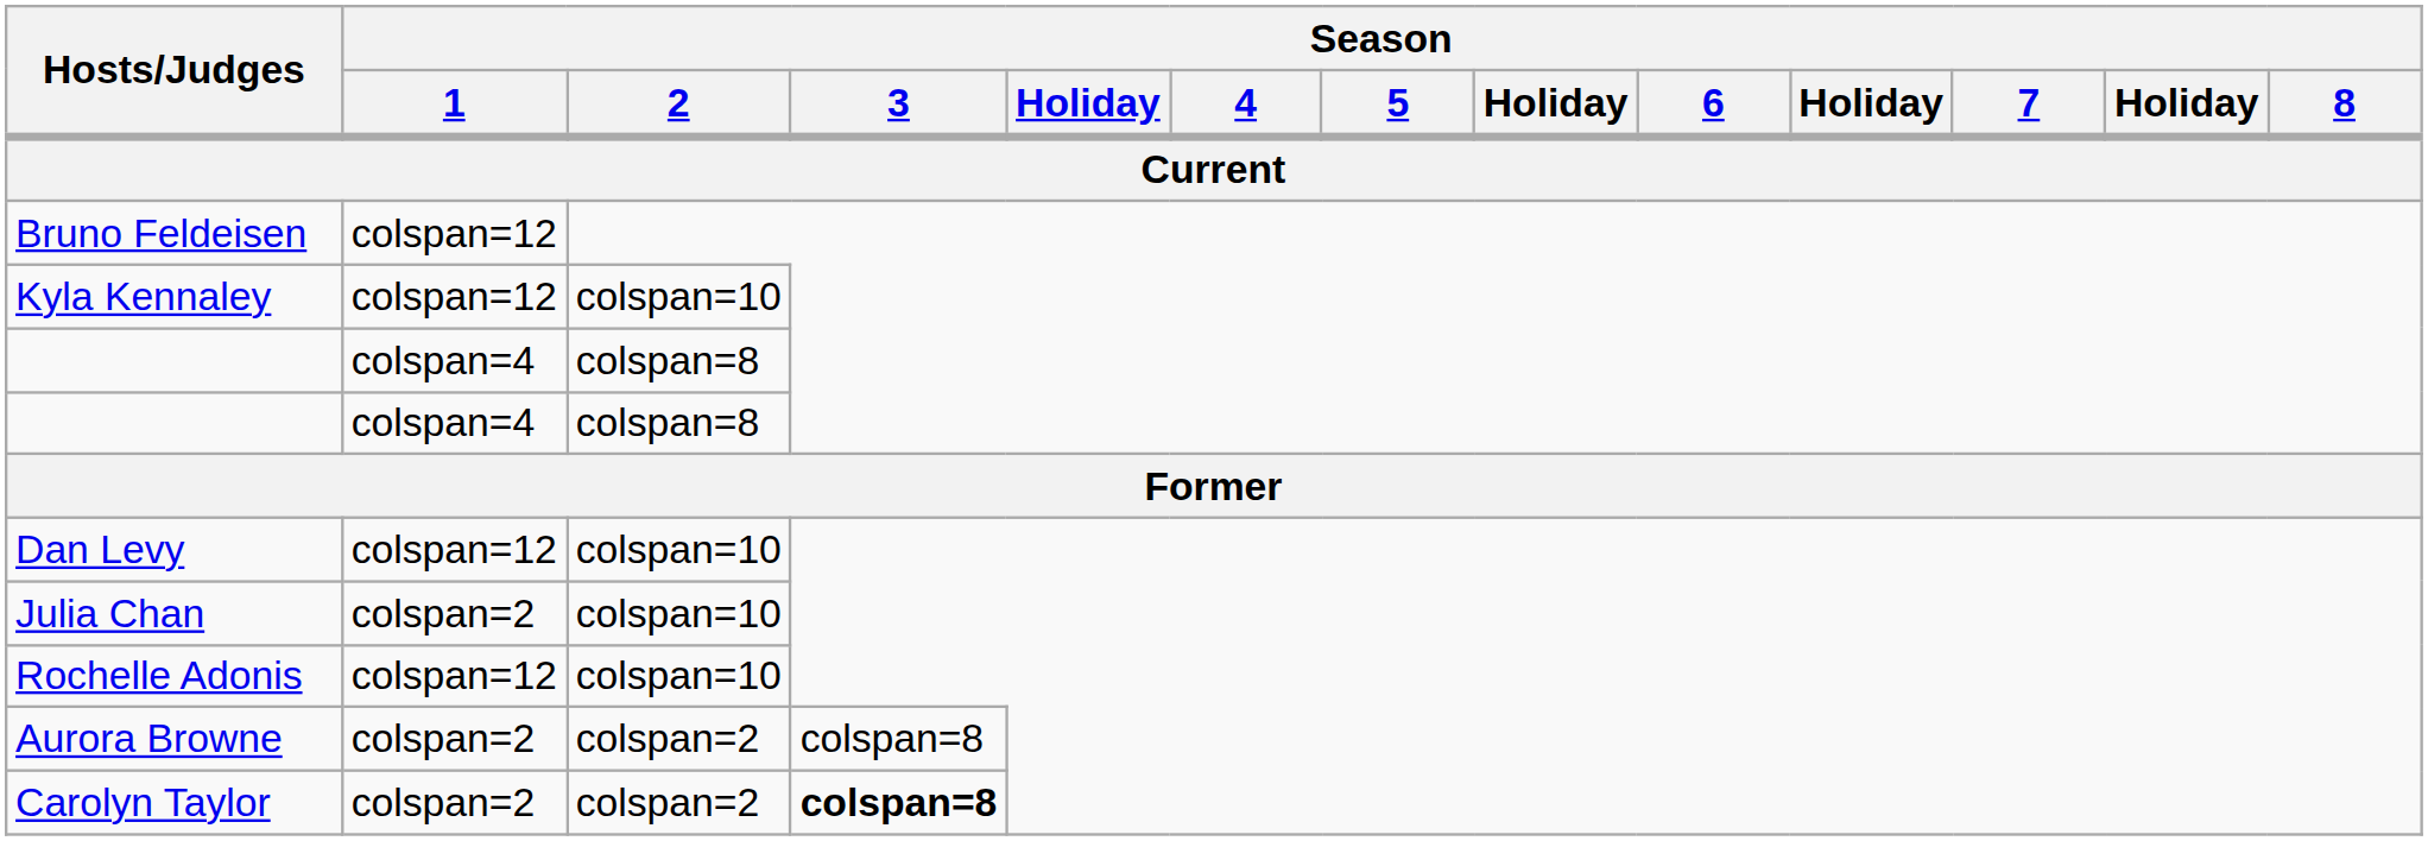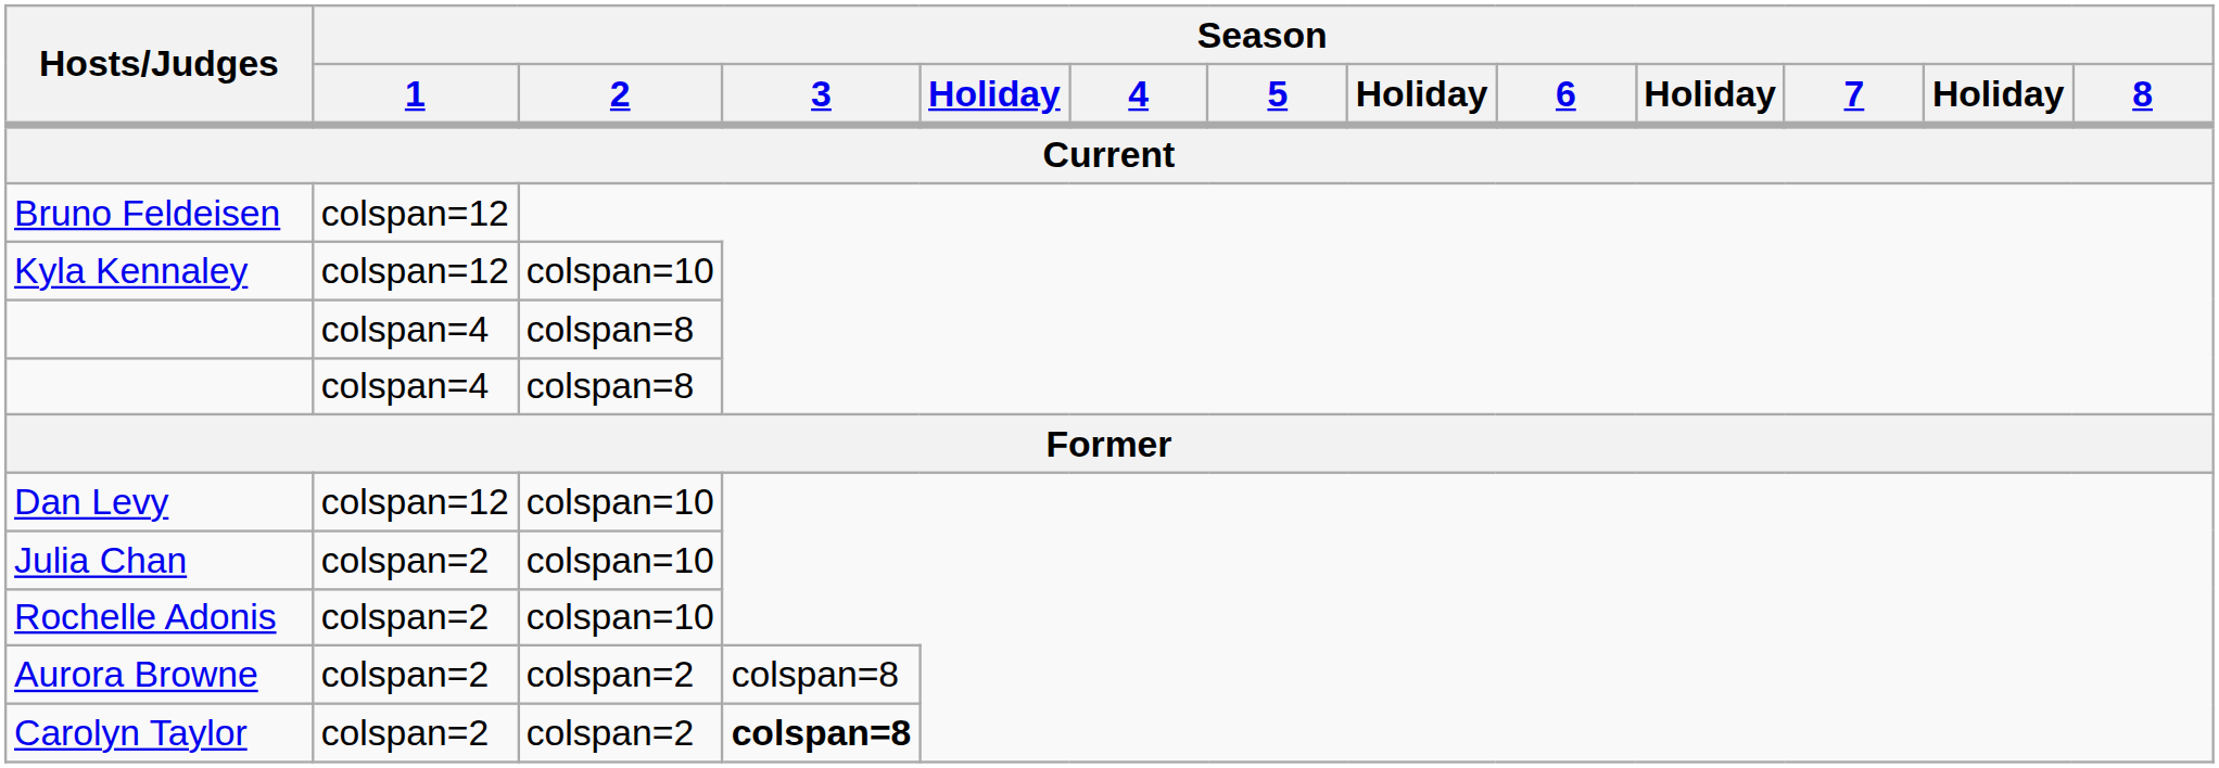 <table class="wikitable plainrowheaders" style=font-size:90%>
 <tr>
 <th scope=col style=width:8em rowspan=2>Hosts/Judges</th>
 <th scope=col colspan=12>Season</th>
 </tr>
 <tr>
 <th scope=col style=width:3.5em><a href='#'>1</a></th>
 <th scope=col style=width:3.5em><a href='#'>2</a></th>
 <th scope=col style=width:3.5em><a href='#'>3</a></th>
 <th scope=col style=width:3.5em><a href='#'>Holiday</a></th>
 <th scope=col style=width:3.5em><a href='#'>4</a></th>
 <th scope=col style=width:3.5em><a href='#'>5</a></th>
 <th scope=col style=width:3.5em>Holiday</th>
 <th scope=col style=width:3.5em><a href='#'>6</a></th>
 <th scope=col style=width:3.5em>Holiday</th>
 <th scope=col style=width:3.5em><a href='#'>7</a></th>
 <th scope=col style=width:3.5em>Holiday</th>
 <th scope=col style=width:3.5em><a href='#'>8</a></th>
 </tr>
 <tr style="border-top:3px solid #aaa">
 <th colspan=13>Current</th>
 </tr>
 <tr>
 <td scope=row><a href='#'>Bruno Feldeisen</a></td>
 <td>colspan=12 </td>
 </tr>
 <tr>
 <td scope=row><a href='#'>Kyla Kennaley</a></td>
 <td>colspan=12 </td>
 <td>colspan=10 </td>
 </tr>
 <tr>
 <td scope=row></td>
 <td>colspan=4 </td>
 <td>colspan=8 </td>
 </tr>
 <tr>
 <td scope=row></td>
 <td>colspan=4 </td>
 <td>colspan=8 </td>
 </tr>
 <tr>
 <th colspan=13>Former</th>
 </tr>
 <tr>
 <td scope=row><a href='#'>Dan Levy</a></td>
 <td>colspan=12 </td>
 <td>colspan=10 </td>
 </tr>
 <tr>
 <td scope=row><a href='#'>Julia Chan</a></td>
 <td>colspan=2 </td>
 <td>colspan=10 </td>
 </tr>
 <tr>
 <td scope=row><a href='#'>Rochelle Adonis</a></td>
-<td>colspan=12 </td>
+<td>colspan=2 </td>
 <td>colspan=10 </td>
 </tr>
 <tr>
 <td scope=row><a href='#'>Aurora Browne</a></td>
 <td>colspan=2 </td>
 <td>colspan=2 </td>
 <td>colspan=8 </td>
 </tr>
 <tr>
 <td scope=row><a href='#'>Carolyn Taylor</a></td>
 <td>colspan=2 </td>
 <td>colspan=2 </td>
 <td><strong>colspan=8 </strong></td>
 </tr>
 </table>
